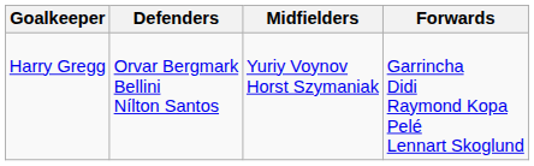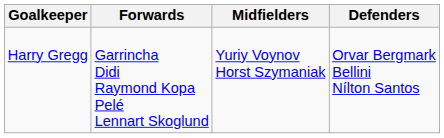 <table class="wikitable">
 <tr>
 <th>Goalkeeper</th>
+<th>Forwards</th>
+<th>Midfielders</th>
 <th>Defenders</th>
-<th>Midfielders</th>
-<th>Forwards</th>
 </tr>
 <tr>
 <td align=left valign=top><br> <a href='#'>Harry Gregg</a></td>
+<td align=left valign=top><br> <a href='#'>Garrincha</a>  <br>  <a href='#'>Didi</a>  <br>  <a href='#'>Raymond Kopa</a>  <br>  <a href='#'>Pelé</a> <br>  <a href='#'>Lennart Skoglund</a></td>
+<td align=left valign=top><br> <a href='#'>Yuriy Voynov</a> <br>  <a href='#'>Horst Szymaniak</a>  <br></td>
 <td align=left valign=top><br> <a href='#'>Orvar Bergmark</a><br>  <a href='#'>Bellini</a>  <br>  <a href='#'>Nílton Santos</a></td>
-<td align=left valign=top><br> <a href='#'>Yuriy Voynov</a> <br>  <a href='#'>Horst Szymaniak</a>  <br></td>
-<td align=left valign=top><br> <a href='#'>Garrincha</a>  <br>  <a href='#'>Didi</a>  <br>  <a href='#'>Raymond Kopa</a>  <br>  <a href='#'>Pelé</a> <br>  <a href='#'>Lennart Skoglund</a></td>
 </tr>
 </table>
